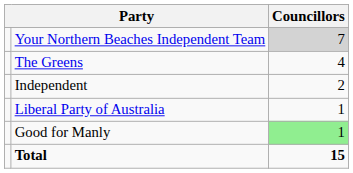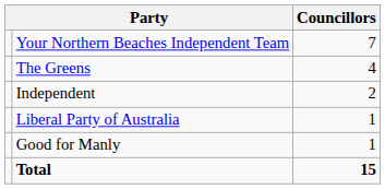 <table class="wikitable">
 <tr>
 <th colspan="2">Party</th>
 <th>Councillors</th>
 </tr>
 <tr>
 <td></td>
 <td><a href='#'>Your Northern Beaches Independent Team</a></td>
-<td align=right style="background: lightgrey;">7</td>
+<td align=right>7</td>
 </tr>
 <tr>
 <td></td>
 <td><a href='#'>The Greens</a></td>
 <td align=right>4</td>
 </tr>
 <tr>
 <td></td>
 <td>Independent</td>
 <td align=right>2</td>
 </tr>
 <tr>
 <td></td>
 <td><a href='#'>Liberal Party of Australia</a></td>
 <td align=right>1</td>
 </tr>
 <tr>
 <td></td>
 <td>Good for Manly</td>
-<td align=right style="background: lightgreen;">1</td>
+<td align=right>1</td>
 </tr>
 <tr>
 <td></td>
 <td><strong>Total</strong></td>
 <td align=right><strong>15</strong></td>
 </tr>
 </table>
